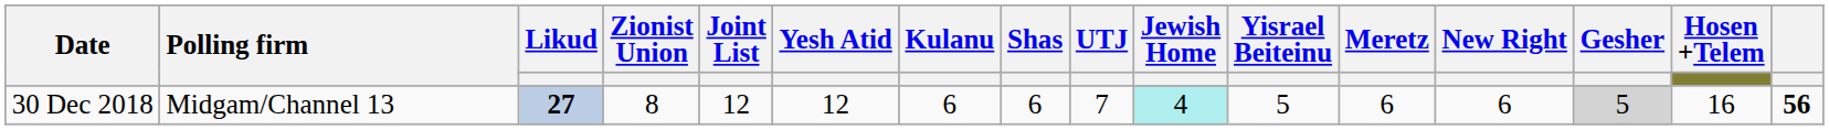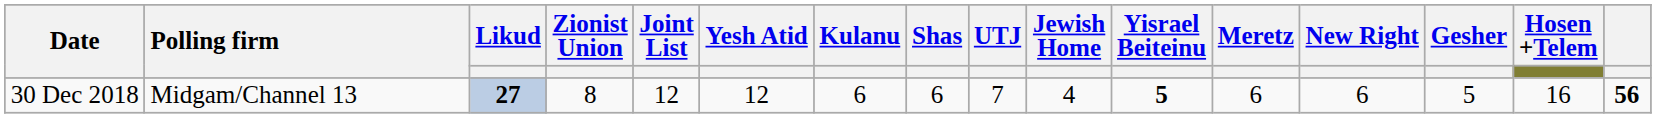 <table class="wikitable" style="text-align:center; font-size:90%; line-height:14px;">
 <tr>
 <th rowspan="2">Date</th>
 <th style="width:180px;text-align:left;" rowspan="2">Polling firm</th>
 <th><a href='#'>Likud</a></th>
 <th><a href='#'>Zionist<br>Union</a></th>
 <th><a href='#'>Joint<br>List</a></th>
 <th><a href='#'>Yesh Atid</a></th>
 <th><a href='#'>Kulanu</a></th>
 <th><a href='#'>Shas</a></th>
 <th><a href='#'>UTJ</a></th>
 <th><a href='#'>Jewish<br>Home</a></th>
 <th><a href='#'>Yisrael<br>Beiteinu</a></th>
 <th><a href='#'>Meretz</a></th>
 <th><a href='#'>New Right</a></th>
 <th><a href='#'>Gesher</a></th>
 <th><a href='#'>Hosen</a><br>+<a href='#'>Telem</a></th>
 <th style="width:20px;"></th>
 </tr>
 <tr>
 <th style="color:inherit;background:"></th>
 <th style="color:inherit;background:"></th>
 <th style="color:inherit;background:"></th>
 <th style="color:inherit;background:"></th>
 <th style="color:inherit;background:"></th>
 <th style="color:inherit;background:"></th>
 <th style="color:inherit;background:"></th>
 <th style="color:inherit;background:"></th>
 <th style="color:inherit;background:"></th>
 <th style="color:inherit;background:"></th>
 <th style="color:inherit;background:"></th>
 <th style="color:inherit;background:"></th>
 <th style="color:inherit;background:#807e33; "></th>
 <th style="color:inherit;background:"></th>
 </tr>
 <tr>
 <td>30 Dec 2018</td>
 <td style="text-align:left;">Midgam/Channel 13</td>
 <td style="background:#BBCDE4"><strong>27</strong>  </td>
 <td>8					</td>
 <td>12					</td>
 <td>12					</td>
 <td>6					</td>
 <td>6					</td>
 <td>7					</td>
-<td style="background: paleturquoise;">4					</td>
-<td>5					</td>
+<td>4					</td>
+<td><strong>5					</strong></td>
 <td>6					</td>
 <td>6					</td>
-<td style="background: lightgrey;">5					</td>
+<td>5					</td>
 <td>16					</td>
 <td><strong>56</strong>				</td>
 </tr>
 </table>
